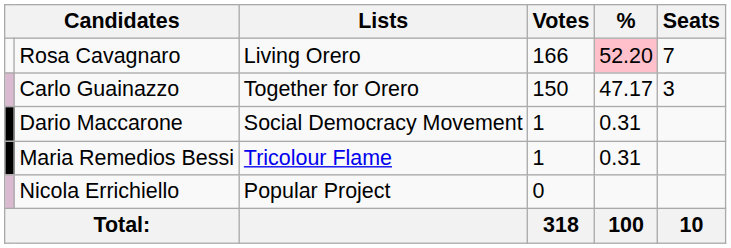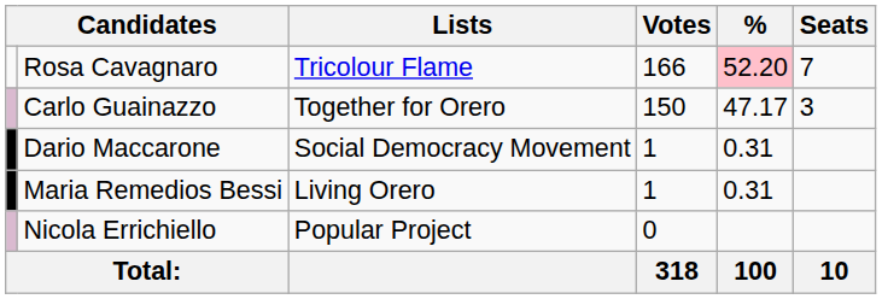 <table class="wikitable sortable">
 <tr>
 <th colspan="2">Candidates</th>
 <th>Lists</th>
 <th>Votes</th>
 <th>%</th>
 <th>Seats</th>
 </tr>
 <tr>
 <td></td>
 <td>Rosa Cavagnaro </td>
-<td>Living Orero</td>
+<td><a href='#'>Tricolour Flame</a></td>
 <td>166</td>
 <td style="background: pink;">52.20</td>
 <td>7</td>
 </tr>
 <tr>
 <td bgcolor="#DABAD0"></td>
 <td>Carlo Guainazzo</td>
 <td>Together for Orero</td>
 <td>150</td>
 <td>47.17</td>
 <td>3</td>
 </tr>
 <tr>
 <td bgcolor="black"></td>
 <td>Dario Maccarone</td>
 <td>Social Democracy Movement</td>
 <td>1</td>
 <td>0.31</td>
 <td></td>
 </tr>
 <tr>
 <td bgcolor="black"></td>
 <td>Maria Remedios Bessi</td>
-<td><a href='#'>Tricolour Flame</a></td>
+<td>Living Orero</td>
 <td>1</td>
 <td>0.31</td>
 <td></td>
 </tr>
 <tr>
 <td bgcolor="#DABAD0"></td>
 <td>Nicola Errichiello</td>
 <td>Popular Project</td>
 <td>0</td>
 <td></td>
 <td></td>
 </tr>
 <tr>
 <th colspan="2">Total:</th>
 <th></th>
 <th>318</th>
 <th>100</th>
 <th>10</th>
 </tr>
 </table>
